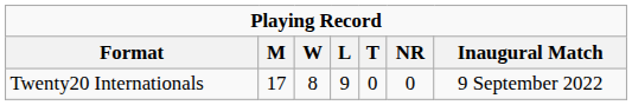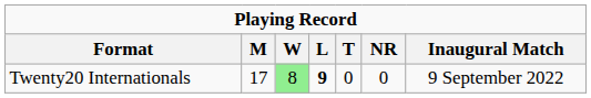 <table class="wikitable wikitable" style="text-align: center; width: 500px;">
 <tr>
 <td colspan=7 align="center"><strong>Playing Record</strong></td>
 </tr>
 <tr>
 <th>Format</th>
 <th>M</th>
 <th>W</th>
 <th>L</th>
 <th>T</th>
 <th>NR</th>
 <th>Inaugural Match</th>
 </tr>
 <tr>
 <td align="left">Twenty20 Internationals</td>
 <td>17</td>
-<td>8</td>
-<td>9</td>
+<td style="background: lightgreen;">8</td>
+<td><strong>9</strong></td>
 <td>0</td>
 <td>0</td>
 <td>9 September 2022</td>
 </tr>
 </table>
